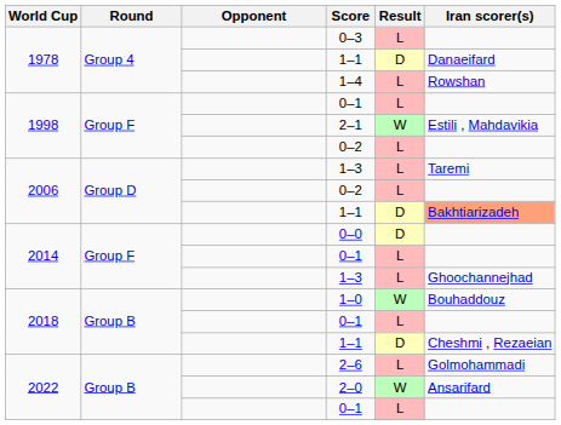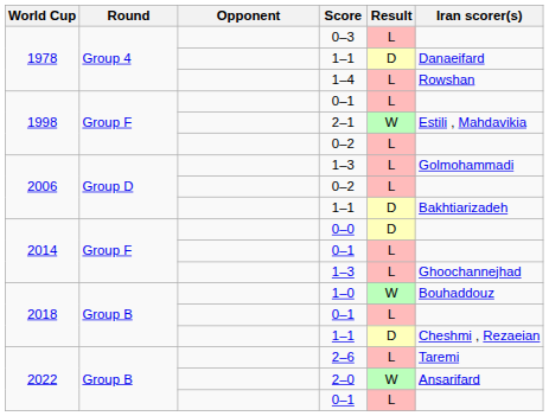 <table class="wikitable sortable" style="text-align:left;">
 <tr>
 <th>World Cup</th>
 <th width=110>Round</th>
 <th width=160>Opponent</th>
 <th width=50>Score</th>
 <th width=50>Result</th>
 <th>Iran scorer(s)</th>
 </tr>
 <tr>
 <td rowspan="3" align=center><a href='#'>1978</a></td>
 <td rowspan="3"><a href='#'>Group 4</a></td>
 <td></td>
 <td align=center>0–3</td>
 <td align=center bgcolor="#ffbbbb">L</td>
 <td></td>
 </tr>
 <tr>
 <td></td>
 <td align=center>1–1</td>
 <td align=center bgcolor="#ffffbb">D</td>
 <td><a href='#'>Danaeifard</a> </td>
 </tr>
 <tr>
 <td></td>
 <td align=center>1–4</td>
 <td align=center bgcolor="#ffbbbb">L</td>
 <td><a href='#'>Rowshan</a> </td>
 </tr>
 <tr>
 <td rowspan="3" align=center><a href='#'>1998</a></td>
 <td rowspan="3"><a href='#'>Group F</a></td>
 <td></td>
 <td align=center>0–1</td>
 <td align=center bgcolor="#ffbbbb">L</td>
 <td></td>
 </tr>
 <tr>
 <td></td>
 <td align=center>2–1</td>
 <td align=center bgcolor="#bbffbb">W</td>
 <td><a href='#'>Estili</a> , <a href='#'>Mahdavikia</a> </td>
 </tr>
 <tr>
 <td></td>
 <td align=center>0–2</td>
 <td align=center bgcolor="#ffbbbb">L</td>
 <td></td>
 </tr>
 <tr>
 <td rowspan="3" align=center><a href='#'>2006</a></td>
 <td rowspan="3"><a href='#'>Group D</a></td>
 <td></td>
 <td align=center>1–3</td>
 <td align=center bgcolor="#ffbbbb">L</td>
-<td><a href='#'>Taremi</a> </td>
+<td><a href='#'>Golmohammadi</a> </td>
 </tr>
 <tr>
 <td></td>
 <td align=center>0–2</td>
 <td align=center bgcolor="#ffbbbb">L</td>
 <td></td>
 </tr>
 <tr>
 <td></td>
 <td align=center>1–1</td>
 <td align=center bgcolor="#ffffbb">D</td>
-<td style="background: lightsalmon;"><a href='#'>Bakhtiarizadeh</a> </td>
+<td><a href='#'>Bakhtiarizadeh</a> </td>
 </tr>
 <tr>
 <td rowspan="3" align=center><a href='#'>2014</a></td>
 <td rowspan="3"><a href='#'>Group F</a></td>
 <td></td>
 <td align=center><a href='#'>0–0</a></td>
 <td align=center bgcolor="#ffffbb">D</td>
 <td></td>
 </tr>
 <tr>
 <td></td>
 <td align=center><a href='#'>0–1</a></td>
 <td align=center bgcolor="#ffbbbb">L</td>
 <td></td>
 </tr>
 <tr>
 <td></td>
 <td align=center><a href='#'>1–3</a></td>
 <td align=center bgcolor="#ffbbbb">L</td>
 <td><a href='#'>Ghoochannejhad</a> </td>
 </tr>
 <tr>
 <td rowspan="3" align=center><a href='#'>2018</a></td>
 <td rowspan="3"><a href='#'>Group B</a></td>
 <td></td>
 <td align=center><a href='#'>1–0</a></td>
 <td align=center bgcolor="#bbffbb">W</td>
 <td><a href='#'>Bouhaddouz</a> </td>
 </tr>
 <tr>
 <td></td>
 <td align=center><a href='#'>0–1</a></td>
 <td align=center bgcolor="#ffbbbb">L</td>
 <td></td>
 </tr>
 <tr>
 <td></td>
 <td align=center><a href='#'>1–1</a></td>
 <td align=center bgcolor="#ffffbb">D</td>
 <td><a href='#'>Cheshmi</a> , <a href='#'>Rezaeian</a> </td>
 </tr>
 <tr>
 <td rowspan="3" align=center><a href='#'>2022</a></td>
 <td rowspan="3"><a href='#'>Group B</a></td>
 <td></td>
 <td align=center><a href='#'>2–6</a></td>
 <td align=center bgcolor="#ffbbbb">L</td>
-<td><a href='#'>Golmohammadi</a> </td>
+<td><a href='#'>Taremi</a> </td>
 </tr>
 <tr>
 <td></td>
 <td align=center><a href='#'>2–0</a></td>
 <td align=center bgcolor="#bbffbb">W</td>
 <td><a href='#'>Ansarifard</a> </td>
 </tr>
 <tr>
 <td></td>
 <td align=center><a href='#'>0–1</a></td>
 <td align=center bgcolor="#ffbbbb">L</td>
 <td></td>
 </tr>
 </table>
